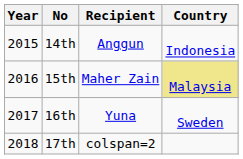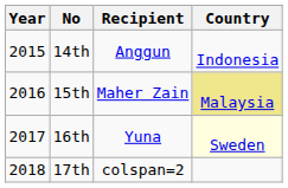 <table class="wikitable" style="text-align:center">
 <tr>
 <th>Year</th>
 <th>No</th>
 <th>Recipient</th>
 <th>Country</th>
 </tr>
 <tr>
 <td>2015</td>
 <td>14th</td>
 <td><a href='#'>Anggun</a></td>
 <td> <br> <a href='#'>Indonesia</a></td>
 </tr>
 <tr>
 <td>2016</td>
 <td>15th</td>
 <td><a href='#'>Maher Zain</a></td>
 <td style="background: khaki;"> <br> <a href='#'>Malaysia</a></td>
 </tr>
 <tr>
 <td>2017</td>
 <td>16th</td>
 <td><a href='#'>Yuna</a></td>
-<td> <br> <a href='#'>Sweden</a></td>
+<td style="background: lightyellow;"> <br> <a href='#'>Sweden</a></td>
 </tr>
 <tr>
 <td>2018</td>
 <td>17th</td>
 <td>colspan=2</td>
 </tr>
 </table>
